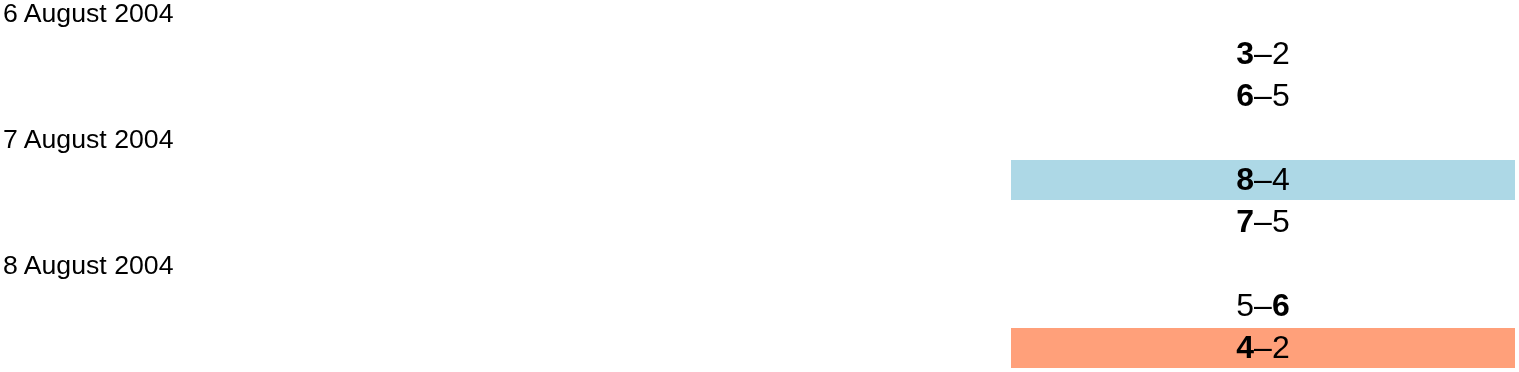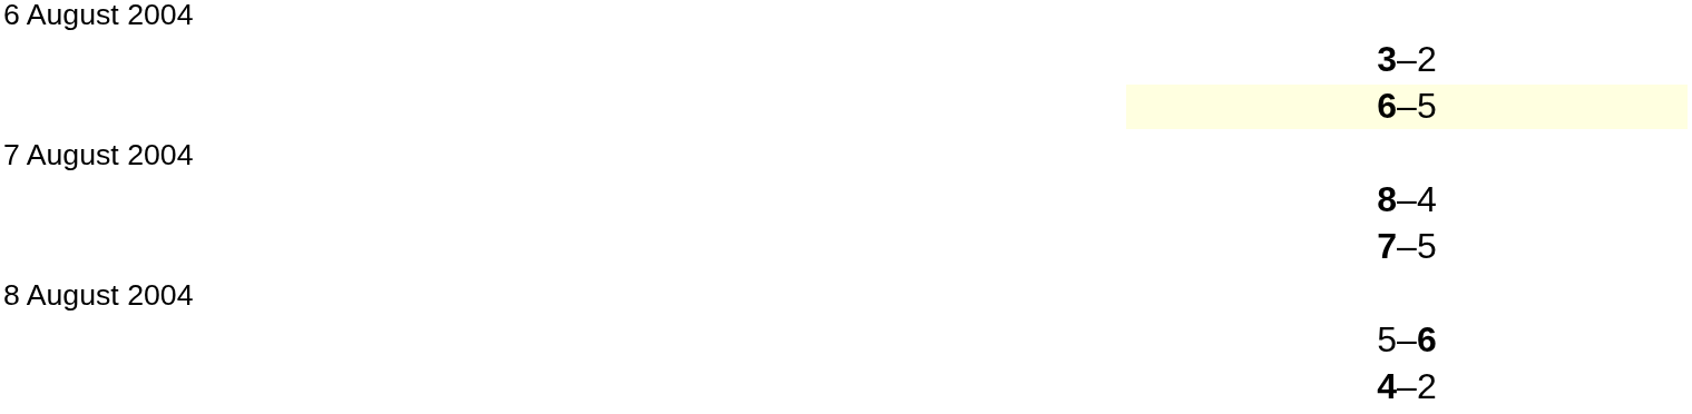 <table width=100% cellspacing=1>
 <tr>
 <th width=40%></th>
 <th width=20%></th>
 <th></th>
 </tr>
 <tr>
 <td><small>6 August 2004</small></td>
 </tr>
 <tr>
 <td align=right><strong></strong></td>
 <td align=center><strong>3</strong>–2</td>
 <td></td>
 </tr>
 <tr>
 <td align=right><strong></strong></td>
-<td align=center><strong>6</strong>–5</td>
+<td align=center style="background: lightyellow;"><strong>6</strong>–5</td>
 <td></td>
 </tr>
 <tr>
 <td><small>7 August 2004</small></td>
 </tr>
 <tr>
 <td align=right><strong></strong></td>
-<td align=center style="background: lightblue;"><strong>8</strong>–4</td>
+<td align=center><strong>8</strong>–4</td>
 <td></td>
 </tr>
 <tr>
 <td align=right><strong></strong></td>
 <td align=center><strong>7</strong>–5</td>
 <td></td>
 </tr>
 <tr>
 <td><small>8 August 2004</small></td>
 </tr>
 <tr>
 <td align=right></td>
 <td align=center>5–<strong>6 </strong></td>
 <td><strong></strong></td>
 </tr>
 <tr>
 <td align=right><strong></strong></td>
-<td align=center style="background: lightsalmon;"><strong>4</strong>–2</td>
+<td align=center><strong>4</strong>–2</td>
 <td></td>
 </tr>
 </table>
